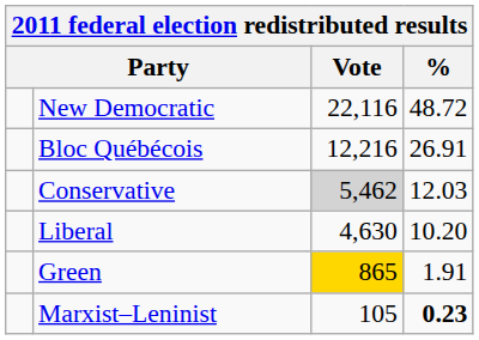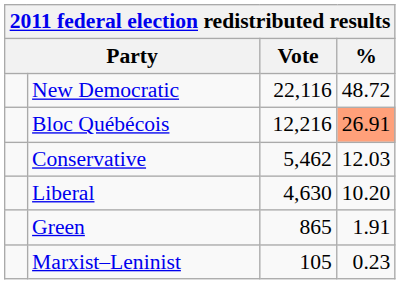 <table class="wikitable">
 <tr>
 <th colspan="4"><a href='#'>2011 federal election</a> redistributed results</th>
 </tr>
 <tr>
 <th bgcolor="#DDDDFF" width="130px" colspan="2">Party</th>
 <th bgcolor="#DDDDFF" width="50px">Vote</th>
 <th bgcolor="#DDDDFF" width="30px">%</th>
 </tr>
 <tr>
 <td> </td>
 <td><a href='#'>New Democratic</a></td>
 <td align=right>22,116</td>
 <td align=right>48.72</td>
 </tr>
 <tr>
 <td> </td>
 <td><a href='#'>Bloc Québécois</a></td>
 <td align=right>12,216</td>
-<td align=right>26.91</td>
+<td align=right style="background: lightsalmon;">26.91</td>
 </tr>
 <tr>
 <td> </td>
 <td><a href='#'>Conservative</a></td>
-<td align=right style="background: lightgrey;">5,462</td>
+<td align=right>5,462</td>
 <td align=right>12.03</td>
 </tr>
 <tr>
 <td> </td>
 <td><a href='#'>Liberal</a></td>
 <td align=right>4,630</td>
 <td align=right>10.20</td>
 </tr>
 <tr>
 <td> </td>
 <td><a href='#'>Green</a></td>
-<td align=right style="background: gold;">865</td>
+<td align=right>865</td>
 <td align=right>1.91</td>
 </tr>
 <tr>
 <td> </td>
 <td><a href='#'>Marxist–Leninist</a></td>
 <td align=right>105</td>
-<td align=right><strong>0.23</strong></td>
+<td align=right>0.23</td>
 </tr>
 </table>
